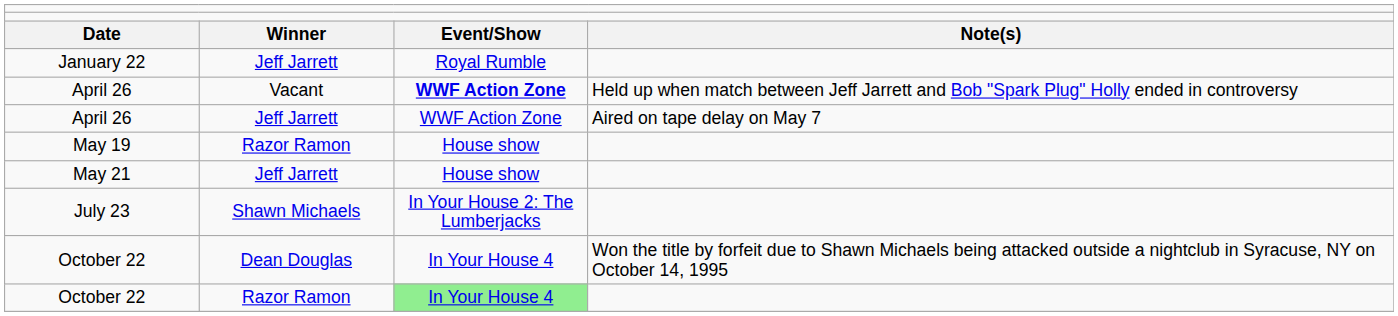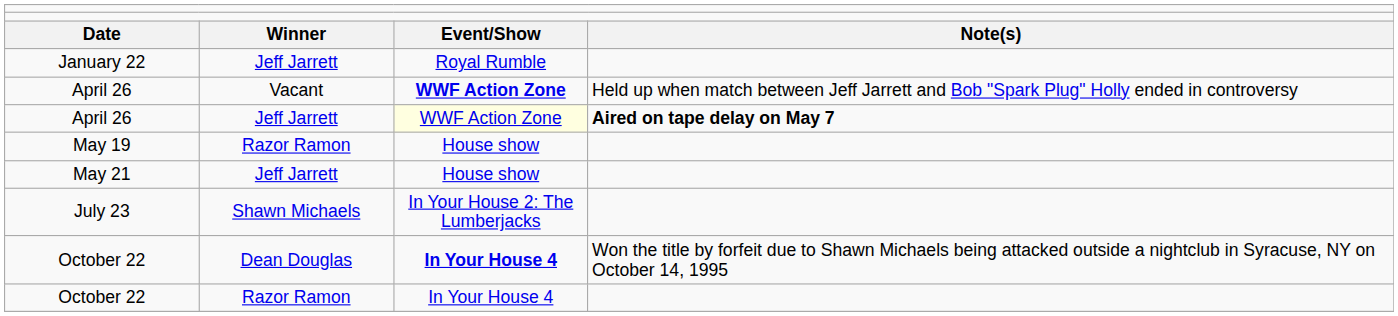 <table class="wikitable" style="text-align:center; width:100%;">
 <tr>
 <td colspan="5"></td>
 </tr>
 <tr>
 <td colspan="5"><strong></strong></td>
 </tr>
 <tr>
 <th width=14%>Date</th>
 <th width=14%>Winner</th>
 <th width=14%>Event/Show</th>
 <th width=58%>Note(s)</th>
 </tr>
 <tr>
 <td>January 22</td>
 <td><a href='#'>Jeff Jarrett</a></td>
 <td><a href='#'>Royal Rumble</a></td>
 <td align=left></td>
 </tr>
 <tr>
 <td>April 26</td>
 <td>Vacant</td>
 <td><strong><a href='#'>WWF Action Zone</a></strong></td>
 <td align=left>Held up when match between Jeff Jarrett and <a href='#'>Bob "Spark Plug" Holly</a> ended in controversy</td>
 </tr>
 <tr>
 <td>April 26</td>
 <td><a href='#'>Jeff Jarrett</a></td>
-<td><a href='#'>WWF Action Zone</a></td>
-<td align=left>Aired on tape delay on May 7</td>
+<td style="background: lightyellow;"><a href='#'>WWF Action Zone</a></td>
+<td align=left><strong>Aired on tape delay on May 7</strong></td>
 </tr>
 <tr>
 <td>May 19</td>
 <td><a href='#'>Razor Ramon</a></td>
 <td><a href='#'>House show</a></td>
 <td align=left></td>
 </tr>
 <tr>
 <td>May 21</td>
 <td><a href='#'>Jeff Jarrett</a></td>
 <td><a href='#'>House show</a></td>
 <td align=left></td>
 </tr>
 <tr>
 <td>July 23</td>
 <td><a href='#'>Shawn Michaels</a></td>
 <td><a href='#'>In Your House 2: The Lumberjacks</a></td>
 <td align=left></td>
 </tr>
 <tr>
 <td>October 22</td>
 <td><a href='#'>Dean Douglas</a></td>
-<td><a href='#'>In Your House 4</a></td>
+<td><strong><a href='#'>In Your House 4</a></strong></td>
 <td align=left>Won the title by forfeit due to Shawn Michaels being attacked outside a nightclub in Syracuse, NY on October 14, 1995</td>
 </tr>
 <tr>
 <td>October 22</td>
 <td><a href='#'>Razor Ramon</a></td>
-<td style="background: lightgreen;"><a href='#'>In Your House 4</a></td>
+<td><a href='#'>In Your House 4</a></td>
 <td align=left></td>
 </tr>
 <tr>
 </tr>
 </table>
